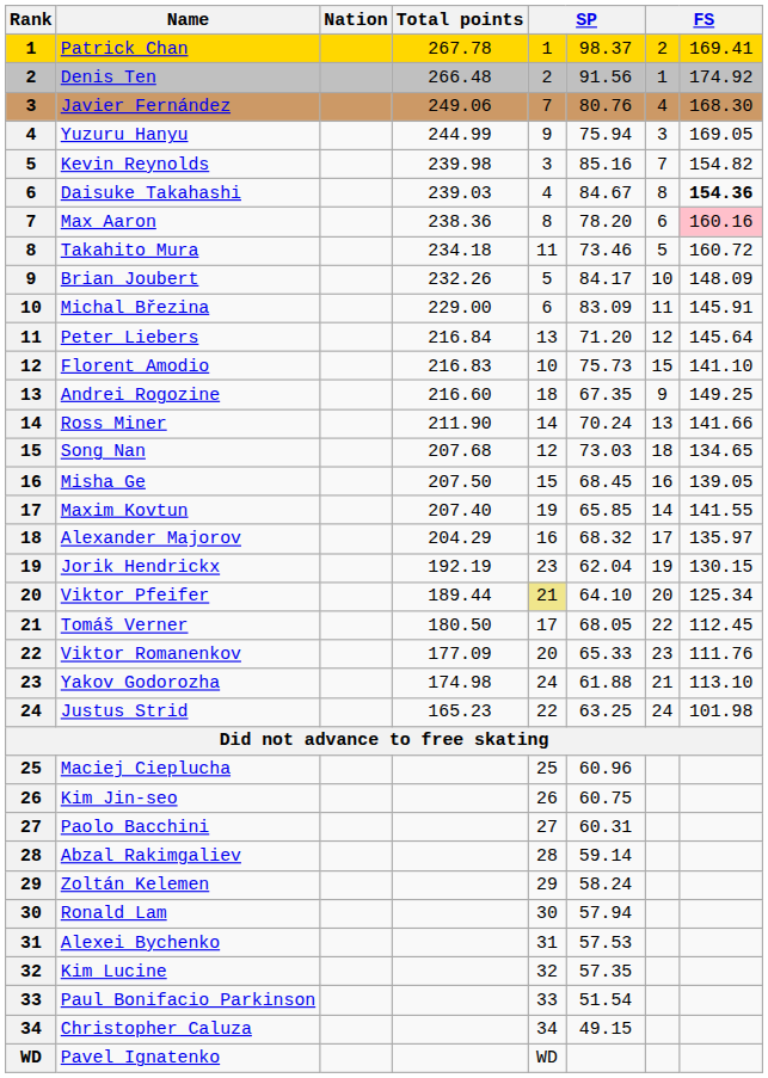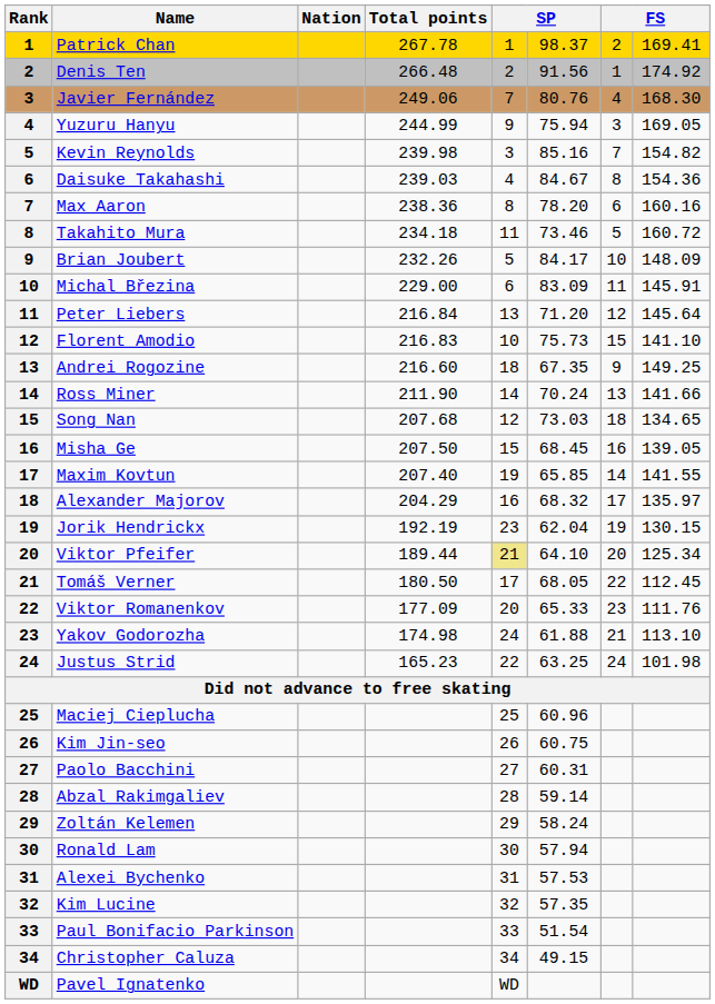 <table class="wikitable sortable">
 <tr>
 <th>Rank</th>
 <th>Name</th>
 <th>Nation</th>
 <th>Total points</th>
 <th colspan="2" width="80px"><a href='#'>SP</a></th>
 <th colspan="2" width="80px"><a href='#'>FS</a></th>
 </tr>
 <tr bgcolor="gold">
 <td align="center"><strong>1</strong></td>
 <td><a href='#'>Patrick Chan</a></td>
 <td></td>
 <td align="center">267.78</td>
 <td align="center">1</td>
 <td align="center">98.37</td>
 <td align="center">2</td>
 <td align="center">169.41</td>
 </tr>
 <tr bgcolor="silver">
 <td align="center"><strong>2</strong></td>
 <td><a href='#'>Denis Ten</a></td>
 <td></td>
 <td align="center">266.48</td>
 <td align="center">2</td>
 <td align="center">91.56</td>
 <td align="center">1</td>
 <td align="center">174.92</td>
 </tr>
 <tr bgcolor="cc9966">
 <td align="center"><strong>3</strong></td>
 <td><a href='#'>Javier Fernández</a></td>
 <td></td>
 <td align="center">249.06</td>
 <td align="center">7</td>
 <td align="center">80.76</td>
 <td align="center">4</td>
 <td align="center">168.30</td>
 </tr>
 <tr>
 <th>4</th>
 <td><a href='#'>Yuzuru Hanyu</a></td>
 <td></td>
 <td align="center">244.99</td>
 <td align="center">9</td>
 <td align="center">75.94</td>
 <td align="center">3</td>
 <td align="center">169.05</td>
 </tr>
 <tr>
 <th>5</th>
 <td><a href='#'>Kevin Reynolds</a></td>
 <td></td>
 <td align="center">239.98</td>
 <td align="center">3</td>
 <td align="center">85.16</td>
 <td align="center">7</td>
 <td align="center">154.82</td>
 </tr>
 <tr>
 <th>6</th>
 <td><a href='#'>Daisuke Takahashi</a></td>
 <td></td>
 <td align="center">239.03</td>
 <td align="center">4</td>
 <td align="center">84.67</td>
 <td align="center">8</td>
-<td align="center"><strong>154.36</strong></td>
+<td align="center">154.36</td>
 </tr>
 <tr>
 <th>7</th>
 <td><a href='#'>Max Aaron</a></td>
 <td></td>
 <td align="center">238.36</td>
 <td align="center">8</td>
 <td align="center">78.20</td>
 <td align="center">6</td>
-<td align="center" style="background: pink;">160.16</td>
+<td align="center">160.16</td>
 </tr>
 <tr>
 <th>8</th>
 <td><a href='#'>Takahito Mura</a></td>
 <td></td>
 <td align="center">234.18</td>
 <td align="center">11</td>
 <td align="center">73.46</td>
 <td align="center">5</td>
 <td align="center">160.72</td>
 </tr>
 <tr>
 <th>9</th>
 <td><a href='#'>Brian Joubert</a></td>
 <td></td>
 <td align="center">232.26</td>
 <td align="center">5</td>
 <td align="center">84.17</td>
 <td align="center">10</td>
 <td align="center">148.09</td>
 </tr>
 <tr>
 <th>10</th>
 <td><a href='#'>Michal Březina</a></td>
 <td></td>
 <td align="center">229.00</td>
 <td align="center">6</td>
 <td align="center">83.09</td>
 <td align="center">11</td>
 <td align="center">145.91</td>
 </tr>
 <tr>
 <th>11</th>
 <td><a href='#'>Peter Liebers</a></td>
 <td></td>
 <td align="center">216.84</td>
 <td align="center">13</td>
 <td align="center">71.20</td>
 <td align="center">12</td>
 <td align="center">145.64</td>
 </tr>
 <tr>
 <th>12</th>
 <td><a href='#'>Florent Amodio</a></td>
 <td></td>
 <td align="center">216.83</td>
 <td align="center">10</td>
 <td align="center">75.73</td>
 <td align="center">15</td>
 <td align="center">141.10</td>
 </tr>
 <tr>
 <th>13</th>
 <td><a href='#'>Andrei Rogozine</a></td>
 <td></td>
 <td align="center">216.60</td>
 <td align="center">18</td>
 <td align="center">67.35</td>
 <td align="center">9</td>
 <td align="center">149.25</td>
 </tr>
 <tr>
 <th>14</th>
 <td><a href='#'>Ross Miner</a></td>
 <td></td>
 <td align="center">211.90</td>
 <td align="center">14</td>
 <td align="center">70.24</td>
 <td align="center">13</td>
 <td align="center">141.66</td>
 </tr>
 <tr>
 <th>15</th>
 <td><a href='#'>Song Nan</a></td>
 <td></td>
 <td align="center">207.68</td>
 <td align="center">12</td>
 <td align="center">73.03</td>
 <td align="center">18</td>
 <td align="center">134.65</td>
 </tr>
 <tr>
 <th>16</th>
 <td><a href='#'>Misha Ge</a></td>
 <td></td>
 <td align="center">207.50</td>
 <td align="center">15</td>
 <td align="center">68.45</td>
 <td align="center">16</td>
 <td align="center">139.05</td>
 </tr>
 <tr>
 <th>17</th>
 <td><a href='#'>Maxim Kovtun</a></td>
 <td></td>
 <td align="center">207.40</td>
 <td align="center">19</td>
 <td align="center">65.85</td>
 <td align="center">14</td>
 <td align="center">141.55</td>
 </tr>
 <tr>
 <th>18</th>
 <td><a href='#'>Alexander Majorov</a></td>
 <td></td>
 <td align="center">204.29</td>
 <td align="center">16</td>
 <td align="center">68.32</td>
 <td align="center">17</td>
 <td align="center">135.97</td>
 </tr>
 <tr>
 <th>19</th>
 <td><a href='#'>Jorik Hendrickx</a></td>
 <td></td>
 <td align="center">192.19</td>
 <td align="center">23</td>
 <td align="center">62.04</td>
 <td align="center">19</td>
 <td align="center">130.15</td>
 </tr>
 <tr>
 <th>20</th>
 <td><a href='#'>Viktor Pfeifer</a></td>
 <td></td>
 <td align="center">189.44</td>
 <td align="center" style="background: khaki;">21</td>
 <td align="center">64.10</td>
 <td align="center">20</td>
 <td align="center">125.34</td>
 </tr>
 <tr>
 <th>21</th>
 <td><a href='#'>Tomáš Verner</a></td>
 <td></td>
 <td align="center">180.50</td>
 <td align="center">17</td>
 <td align="center">68.05</td>
 <td align="center">22</td>
 <td align="center">112.45</td>
 </tr>
 <tr>
 <th>22</th>
 <td><a href='#'>Viktor Romanenkov</a></td>
 <td></td>
 <td align="center">177.09</td>
 <td align="center">20</td>
 <td align="center">65.33</td>
 <td align="center">23</td>
 <td align="center">111.76</td>
 </tr>
 <tr>
 <th>23</th>
 <td><a href='#'>Yakov Godorozha</a></td>
 <td></td>
 <td align="center">174.98</td>
 <td align="center">24</td>
 <td align="center">61.88</td>
 <td align="center">21</td>
 <td align="center">113.10</td>
 </tr>
 <tr>
 <th>24</th>
 <td><a href='#'>Justus Strid</a></td>
 <td></td>
 <td align="center">165.23</td>
 <td align="center">22</td>
 <td align="center">63.25</td>
 <td align="center">24</td>
 <td align="center">101.98</td>
 </tr>
 <tr>
 <th colspan="10">Did not advance to free skating</th>
 </tr>
 <tr>
 <th>25</th>
 <td><a href='#'>Maciej Cieplucha</a></td>
 <td></td>
 <td align="center"></td>
 <td align="center">25</td>
 <td align="center">60.96</td>
 <td align="center"></td>
 <td align="center"></td>
 </tr>
 <tr>
 <th>26</th>
 <td><a href='#'>Kim Jin-seo</a></td>
 <td></td>
 <td align="center"></td>
 <td align="center">26</td>
 <td align="center">60.75</td>
 <td align="center"></td>
 <td align="center"></td>
 </tr>
 <tr>
 <th>27</th>
 <td><a href='#'>Paolo Bacchini</a></td>
 <td></td>
 <td align="center"></td>
 <td align="center">27</td>
 <td align="center">60.31</td>
 <td align="center"></td>
 <td align="center"></td>
 </tr>
 <tr>
 <th>28</th>
 <td><a href='#'>Abzal Rakimgaliev</a></td>
 <td></td>
 <td align="center"></td>
 <td align="center">28</td>
 <td align="center">59.14</td>
 <td align="center"></td>
 <td align="center"></td>
 </tr>
 <tr>
 <th>29</th>
 <td><a href='#'>Zoltán Kelemen</a></td>
 <td></td>
 <td align="center"></td>
 <td align="center">29</td>
 <td align="center">58.24</td>
 <td align="center"></td>
 <td align="center"></td>
 </tr>
 <tr>
 <th>30</th>
 <td><a href='#'>Ronald Lam</a></td>
 <td></td>
 <td align="center"></td>
 <td align="center">30</td>
 <td align="center">57.94</td>
 <td align="center"></td>
 <td align="center"></td>
 </tr>
 <tr>
 <th>31</th>
 <td><a href='#'>Alexei Bychenko</a></td>
 <td></td>
 <td align="center"></td>
 <td align="center">31</td>
 <td align="center">57.53</td>
 <td align="center"></td>
 <td align="center"></td>
 </tr>
 <tr>
 <th>32</th>
 <td><a href='#'>Kim Lucine</a></td>
 <td></td>
 <td align="center"></td>
 <td align="center">32</td>
 <td align="center">57.35</td>
 <td align="center"></td>
 <td align="center"></td>
 </tr>
 <tr>
 <th>33</th>
 <td><a href='#'>Paul Bonifacio Parkinson</a></td>
 <td></td>
 <td align="center"></td>
 <td align="center">33</td>
 <td align="center">51.54</td>
 <td align="center"></td>
 <td align="center"></td>
 </tr>
 <tr>
 <th>34</th>
 <td><a href='#'>Christopher Caluza</a></td>
 <td></td>
 <td align="center"></td>
 <td align="center">34</td>
 <td align="center">49.15</td>
 <td align="center"></td>
 <td align="center"></td>
 </tr>
 <tr>
 <th>WD</th>
 <td><a href='#'>Pavel Ignatenko</a></td>
 <td></td>
 <td align="center"></td>
 <td align="center">WD</td>
 <td align="center"></td>
 <td align="center"></td>
 <td align="center"></td>
 </tr>
 </table>
